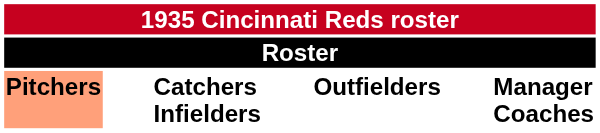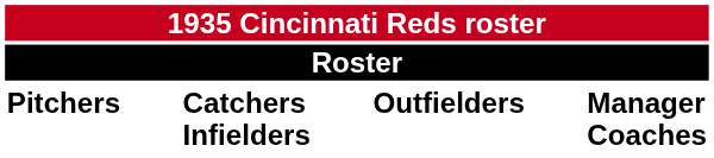 <table class="toccolours" style="font-size: 95%;">
 <tr>
 <th colspan="10" style="background-color: #c6011f; color: white; text-align: center;">1935 Cincinnati Reds roster</th>
 </tr>
 <tr>
 <td colspan="10" style="background-color: black; color: white; text-align: center;"><strong>Roster</strong></td>
 </tr>
 <tr>
-<td valign="top" style="background: lightsalmon;"><strong>Pitchers</strong><br>           </td>
+<td valign="top"><strong>Pitchers</strong><br>           </td>
 <td width="25px"></td>
 <td valign="top"><strong>Catchers</strong><br>   <strong>Infielders</strong>        </td>
 <td width="25px"></td>
 <td valign="top"><strong>Outfielders</strong><br>         </td>
 <td width="25px"></td>
 <td valign="top"><strong>Manager</strong><br> <strong>Coaches</strong>  </td>
 </tr>
 </table>
